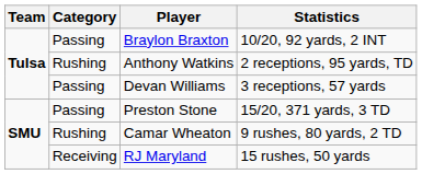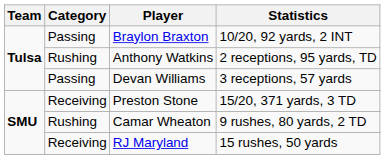 <table class="wikitable" style="float: right;">
 <tr>
 <th>Team</th>
 <th>Category</th>
 <th>Player</th>
 <th>Statistics</th>
 </tr>
 <tr>
 <td rowspan=3><strong>Tulsa</strong></td>
 <td>Passing</td>
 <td><a href='#'>Braylon Braxton</a></td>
 <td>10/20, 92 yards, 2 INT</td>
 </tr>
 <tr>
 <td>Rushing</td>
 <td>Anthony Watkins</td>
 <td>2 receptions, 95 yards, TD</td>
 </tr>
 <tr>
 <td>Passing</td>
 <td>Devan Williams</td>
 <td>3 receptions, 57 yards</td>
 </tr>
 <tr>
 <td rowspan=3><strong>SMU</strong></td>
-<td>Passing</td>
+<td>Receiving</td>
 <td>Preston Stone</td>
 <td>15/20, 371 yards, 3 TD</td>
 </tr>
 <tr>
 <td>Rushing</td>
 <td>Camar Wheaton</td>
 <td>9 rushes, 80 yards, 2 TD</td>
 </tr>
 <tr>
 <td>Receiving</td>
 <td><a href='#'>RJ Maryland</a></td>
 <td>15 rushes, 50 yards</td>
 </tr>
 </table>
